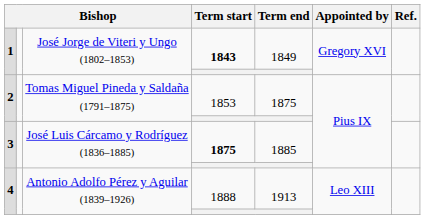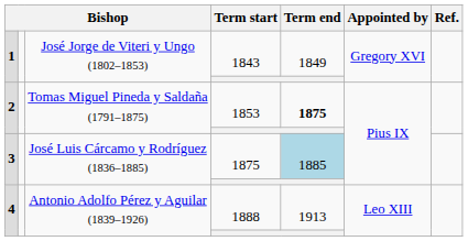 <table class="wikitable" style="line-height:1.4em; text-align:center">
 <tr>
 <th colspan="3">Bishop</th>
 <th>Term start</th>
 <th>Term end</th>
 <th>Appointed by</th>
 <th>Ref.</th>
 </tr>
 <tr>
 <td bgcolor="#DDDDDD" rowspan="2"><strong>1</strong></td>
 <td rowspan="2"></td>
 <td rowspan="2"><a href='#'>José Jorge de Viteri y Ungo</a><br><small>(1802–1853)</small></td>
-<td><strong><br>1843</strong></td>
+<td><br>1843</td>
 <td><br>1849</td>
 <td rowspan="2"><a href='#'>Gregory XVI</a></td>
 <td rowspan="2"></td>
 </tr>
 <tr>
 <th colspan="2" style="font-size:90%; font-weight:normal"></th>
 </tr>
 <tr>
 <td bgcolor="#DDDDDD" rowspan="2"><strong>2</strong></td>
 <td rowspan="2"></td>
 <td rowspan="2"><a href='#'>Tomas Miguel Pineda y Saldaña</a><br><small>(1791–1875)</small></td>
 <td><br>1853</td>
-<td><br>1875</td>
+<td><strong><br>1875</strong></td>
 <td rowspan="4"><a href='#'>Pius IX</a></td>
 <td rowspan="2"></td>
 </tr>
 <tr>
 <th colspan="2" style="font-size:90%; font-weight:normal"></th>
 </tr>
 <tr>
 <td bgcolor="#DDDDDD" rowspan="2"><strong>3</strong></td>
 <td rowspan="2"></td>
 <td rowspan="2"><a href='#'>José Luis Cárcamo y Rodríguez</a><br><small>(1836–1885)</small></td>
-<td><strong><br>1875</strong></td>
-<td><br>1885</td>
+<td><br>1875</td>
+<td style="background: lightblue;"><br>1885</td>
 <td rowspan="2"></td>
 </tr>
 <tr>
 <th colspan="2" style="font-size:90%; font-weight:normal"></th>
 </tr>
 <tr>
 <td bgcolor="#DDDDDD" rowspan="2"><strong>4</strong></td>
 <td rowspan="2"></td>
 <td rowspan="2"><a href='#'>Antonio Adolfo Pérez y Aguilar</a><br><small>(1839–1926)</small></td>
 <td><br>1888</td>
 <td><br>1913</td>
 <td rowspan="4"><a href='#'>Leo XIII</a></td>
 <td rowspan="2"></td>
 </tr>
 <tr>
 <th colspan="2" style="font-size:90%; font-weight:normal"></th>
 </tr>
 </table>
